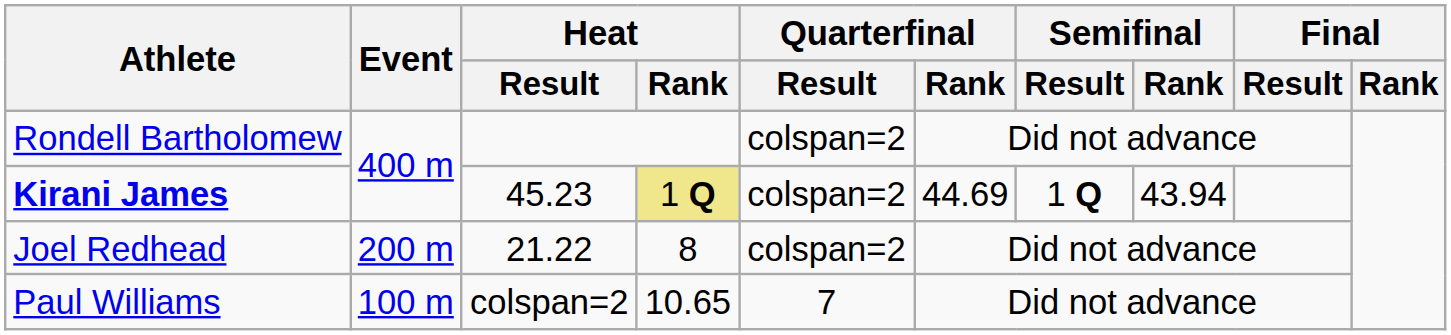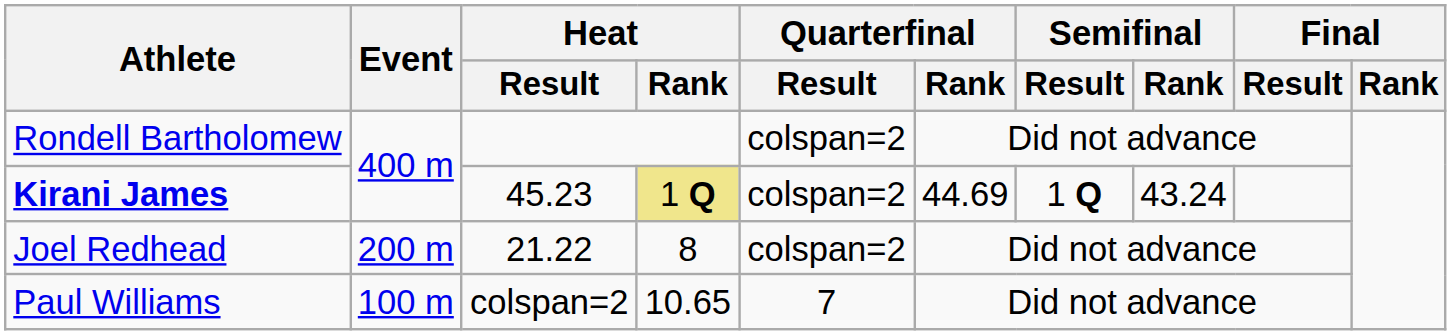 <table class="wikitable" style="font-size:90%">
 <tr>
 <th rowspan=2>Athlete</th>
 <th rowspan=2>Event</th>
 <th colspan="2">Heat</th>
 <th colspan="2">Quarterfinal</th>
 <th colspan="2">Semifinal</th>
 <th colspan="2">Final</th>
 </tr>
 <tr style="font-size:95%">
 <th>Result</th>
 <th>Rank</th>
 <th>Result</th>
 <th>Rank</th>
 <th>Result</th>
 <th>Rank</th>
 <th>Result</th>
 <th>Rank</th>
 </tr>
 <tr align=center>
 <td align=left><a href='#'>Rondell Bartholomew</a></td>
 <td align=left rowspan=2><a href='#'>400 m</a></td>
 <td colspan=2></td>
 <td>colspan=2 </td>
 <td colspan=4>Did not advance</td>
 </tr>
 <tr align=center>
 <td align=left><strong><a href='#'>Kirani James</a></strong></td>
 <td>45.23</td>
 <td style="background: khaki;">1 <strong>Q</strong></td>
 <td>colspan=2 </td>
 <td>44.69</td>
 <td>1 <strong>Q</strong></td>
-<td>43.94</td>
+<td>43.24</td>
 <td></td>
 </tr>
 <tr align=center>
 <td align=left><a href='#'>Joel Redhead</a></td>
 <td align=left><a href='#'>200 m</a></td>
 <td>21.22</td>
 <td>8</td>
 <td>colspan=2 </td>
 <td colspan=4>Did not advance</td>
 </tr>
 <tr align=center>
 <td align=left><a href='#'>Paul Williams</a></td>
 <td align=left><a href='#'>100 m</a></td>
 <td>colspan=2 </td>
 <td>10.65</td>
 <td>7</td>
 <td colspan=4>Did not advance</td>
 </tr>
 </table>
